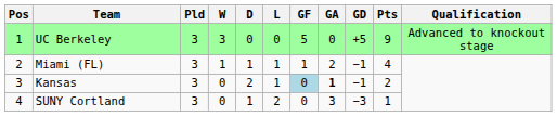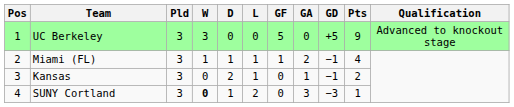 <table class="wikitable" style="text-align:center; margin: 1em auto">
 <tr>
 <th style="width:2em">Pos</th>
 <th style="width:13em">Team</th>
 <th style="width:2em">Pld</th>
 <th style="width:2em">W</th>
 <th style="width:2em">D</th>
 <th style="width:2em">L</th>
 <th style="width:2em">GF</th>
 <th style="width:2em">GA</th>
 <th style="width:2em">GD</th>
 <th style="width:2em">Pts</th>
 <th style="width:13em">Qualification</th>
 </tr>
 <tr bgcolor="#9eff9e">
 <td>1</td>
 <td style="text-align:left">UC Berkeley</td>
 <td>3</td>
 <td>3</td>
 <td>0</td>
 <td>0</td>
 <td>5</td>
 <td>0</td>
 <td>+5</td>
 <td>9</td>
 <td>Advanced to knockout stage</td>
 </tr>
 <tr>
 <td>2</td>
 <td style="text-align:left">Miami (FL)</td>
 <td>3</td>
 <td>1</td>
 <td>1</td>
 <td>1</td>
 <td>1</td>
 <td>2</td>
 <td>−1</td>
 <td>4</td>
 </tr>
 <tr>
 <td>3</td>
 <td style="text-align:left">Kansas</td>
 <td>3</td>
 <td>0</td>
 <td>2</td>
 <td>1</td>
-<td style="background: lightblue;">0</td>
-<td><strong>1</strong></td>
+<td>0</td>
+<td>1</td>
 <td>−1</td>
 <td>2</td>
 </tr>
 <tr>
 <td>4</td>
 <td style="text-align:left">SUNY Cortland</td>
 <td>3</td>
-<td>0</td>
+<td><strong>0</strong></td>
 <td>1</td>
 <td>2</td>
 <td>0</td>
 <td>3</td>
 <td>−3</td>
 <td>1</td>
 </tr>
 </table>
